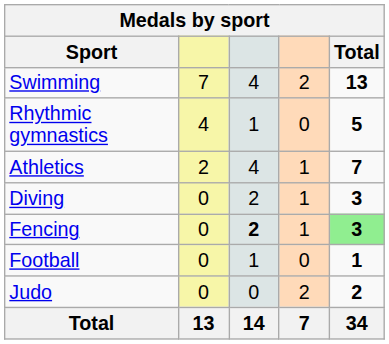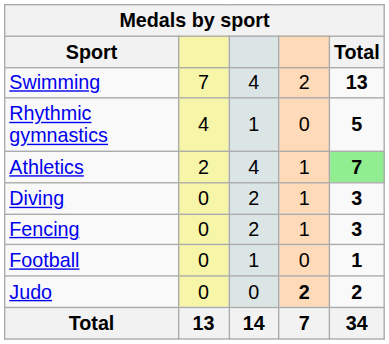 <table class="wikitable" style="font-size:90%; text-align:center;">
 <tr>
 <th colspan=5>Medals by sport</th>
 </tr>
 <tr>
 <th width=120>Sport</th>
 <th scope="col" width=30 style="background:#F7F6A8;"></th>
 <th scope="col" width=30 style="background:#DCE5E5;"></th>
 <th scope="col" width=30 style="background:#FFDAB9;"></th>
 <th width=30>Total</th>
 </tr>
 <tr>
 <td align=left><a href='#'>Swimming</a></td>
 <td style="background:#F7F6A8;">7</td>
 <td style="background:#DCE5E5;">4</td>
 <td style="background:#FFDAB9;">2</td>
 <td><strong>13</strong></td>
 </tr>
 <tr>
 <td align=left><a href='#'>Rhythmic gymnastics</a></td>
 <td style="background:#F7F6A8;">4</td>
 <td style="background:#DCE5E5;">1</td>
 <td style="background:#FFDAB9;">0</td>
 <td><strong>5</strong></td>
 </tr>
 <tr>
 <td align=left><a href='#'>Athletics</a></td>
 <td style="background:#F7F6A8;">2</td>
 <td style="background:#DCE5E5;">4</td>
 <td style="background:#FFDAB9;">1</td>
-<td><strong>7</strong></td>
+<td style="background: lightgreen;"><strong>7</strong></td>
 </tr>
 <tr>
 <td align=left><a href='#'>Diving</a></td>
 <td style="background:#F7F6A8;">0</td>
 <td style="background:#DCE5E5;">2</td>
 <td style="background:#FFDAB9;">1</td>
 <td><strong>3</strong></td>
 </tr>
 <tr>
 <td align=left><a href='#'>Fencing</a></td>
 <td style="background:#F7F6A8;">0</td>
-<td style="background:#DCE5E5;"><strong>2</strong></td>
+<td style="background:#DCE5E5;">2</td>
 <td style="background:#FFDAB9;">1</td>
-<td style="background: lightgreen;"><strong>3</strong></td>
+<td><strong>3</strong></td>
 </tr>
 <tr>
 <td align=left><a href='#'>Football</a></td>
 <td style="background:#F7F6A8;">0</td>
 <td style="background:#DCE5E5;">1</td>
 <td style="background:#FFDAB9;">0</td>
 <td><strong>1</strong></td>
 </tr>
 <tr>
 <td align=left><a href='#'>Judo</a></td>
 <td style="background:#F7F6A8;">0</td>
 <td style="background:#DCE5E5;">0</td>
-<td style="background:#FFDAB9;">2</td>
+<td style="background:#FFDAB9;"><strong>2</strong></td>
 <td><strong>2</strong></td>
 </tr>
 <tr class="sortbottom">
 <th>Total</th>
 <th>13</th>
 <th>14</th>
 <th>7</th>
 <th>34</th>
 </tr>
 </table>
